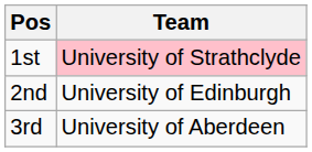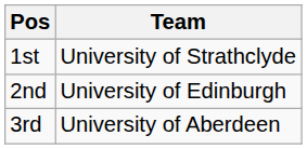 <table class="wikitable">
 <tr>
 <th>Pos</th>
 <th>Team</th>
 </tr>
 <tr>
 <td>1st</td>
-<td style="background: pink;">University of Strathclyde</td>
+<td>University of Strathclyde</td>
 </tr>
 <tr>
 <td>2nd</td>
 <td>University of Edinburgh</td>
 </tr>
 <tr>
 <td>3rd</td>
 <td>University of Aberdeen</td>
 </tr>
 </table>
